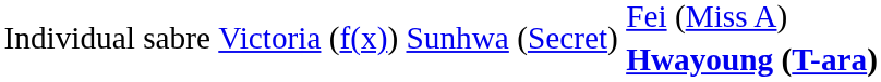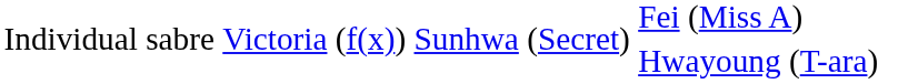 <table>
 <tr>
 <td rowspan="2">Individual sabre</td>
 <td rowspan="2"><a href='#'>Victoria</a> (<a href='#'>f(x)</a>)</td>
 <td rowspan="2"><a href='#'>Sunhwa</a> (<a href='#'>Secret</a>)</td>
 <td><a href='#'>Fei</a> (<a href='#'>Miss A</a>)</td>
 </tr>
 <tr>
-<td><strong><a href='#'>Hwayoung</a> (<a href='#'>T-ara</a>)</strong></td>
+<td><a href='#'>Hwayoung</a> (<a href='#'>T-ara</a>)</td>
 </tr>
 </table>
